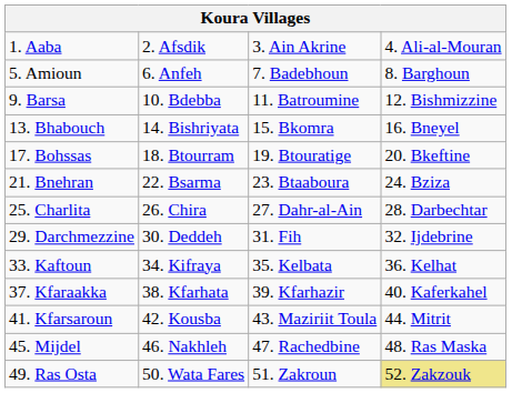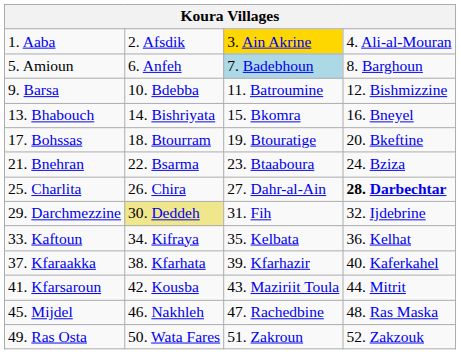 <table class="wikitable">
 <tr>
 <th colspan="4">Koura Villages</th>
 </tr>
 <tr>
 <td>1. <a href='#'>Aaba</a></td>
 <td>2. <a href='#'>Afsdik</a></td>
-<td>3. <a href='#'>Ain Akrine</a></td>
+<td style="background: gold;">3. <a href='#'>Ain Akrine</a></td>
 <td>4. <a href='#'>Ali-al-Mouran</a></td>
 </tr>
 <tr>
 <td>5. Amioun</td>
 <td>6. <a href='#'>Anfeh</a></td>
-<td>7. <a href='#'>Badebhoun</a></td>
+<td style="background: lightblue;">7. <a href='#'>Badebhoun</a></td>
 <td>8. <a href='#'>Barghoun</a></td>
 </tr>
 <tr>
 <td>9. <a href='#'>Barsa</a></td>
 <td>10. <a href='#'>Bdebba</a></td>
 <td>11. <a href='#'>Batroumine</a></td>
 <td>12. <a href='#'>Bishmizzine</a></td>
 </tr>
 <tr>
 <td>13. <a href='#'>Bhabouch</a></td>
 <td>14. <a href='#'>Bishriyata</a></td>
 <td>15. <a href='#'>Bkomra</a></td>
 <td>16. <a href='#'>Bneyel</a></td>
 </tr>
 <tr>
 <td>17. <a href='#'>Bohssas</a></td>
 <td>18. <a href='#'>Btourram</a></td>
 <td>19. <a href='#'>Btouratige</a></td>
 <td>20. <a href='#'>Bkeftine</a></td>
 </tr>
 <tr>
 <td>21. <a href='#'>Bnehran</a></td>
 <td>22. <a href='#'>Bsarma</a></td>
 <td>23. <a href='#'>Btaaboura</a></td>
 <td>24. <a href='#'>Bziza</a></td>
 </tr>
 <tr>
 <td>25. <a href='#'>Charlita</a></td>
 <td>26. <a href='#'>Chira</a></td>
 <td>27. <a href='#'>Dahr-al-Ain</a></td>
-<td>28. <a href='#'>Darbechtar</a></td>
+<td><strong>28. <a href='#'>Darbechtar</a></strong></td>
 </tr>
 <tr>
 <td>29. <a href='#'>Darchmezzine</a></td>
-<td>30. <a href='#'>Deddeh</a></td>
+<td style="background: khaki;">30. <a href='#'>Deddeh</a></td>
 <td>31. <a href='#'>Fih</a></td>
 <td>32. <a href='#'>Ijdebrine</a></td>
 </tr>
 <tr>
 <td>33. <a href='#'>Kaftoun</a></td>
 <td>34. <a href='#'>Kifraya</a></td>
 <td>35. <a href='#'>Kelbata</a></td>
 <td>36. <a href='#'>Kelhat</a></td>
 </tr>
 <tr>
 <td>37. <a href='#'>Kfaraakka</a></td>
 <td>38. <a href='#'>Kfarhata</a></td>
 <td>39. <a href='#'>Kfarhazir</a></td>
 <td>40. <a href='#'>Kaferkahel</a></td>
 </tr>
 <tr>
 <td>41. <a href='#'>Kfarsaroun</a></td>
 <td>42. <a href='#'>Kousba</a></td>
 <td>43. <a href='#'>Maziriit Toula</a></td>
 <td>44. <a href='#'>Mitrit</a></td>
 </tr>
 <tr>
 <td>45. <a href='#'>Mijdel</a></td>
 <td>46. <a href='#'>Nakhleh</a></td>
 <td>47. <a href='#'>Rachedbine</a></td>
 <td>48. <a href='#'>Ras Maska</a></td>
 </tr>
 <tr>
 <td>49. <a href='#'>Ras Osta</a></td>
 <td>50. <a href='#'>Wata Fares</a></td>
 <td>51. <a href='#'>Zakroun</a></td>
-<td style="background: khaki;">52. <a href='#'>Zakzouk</a></td>
+<td>52. <a href='#'>Zakzouk</a></td>
 </tr>
 </table>
